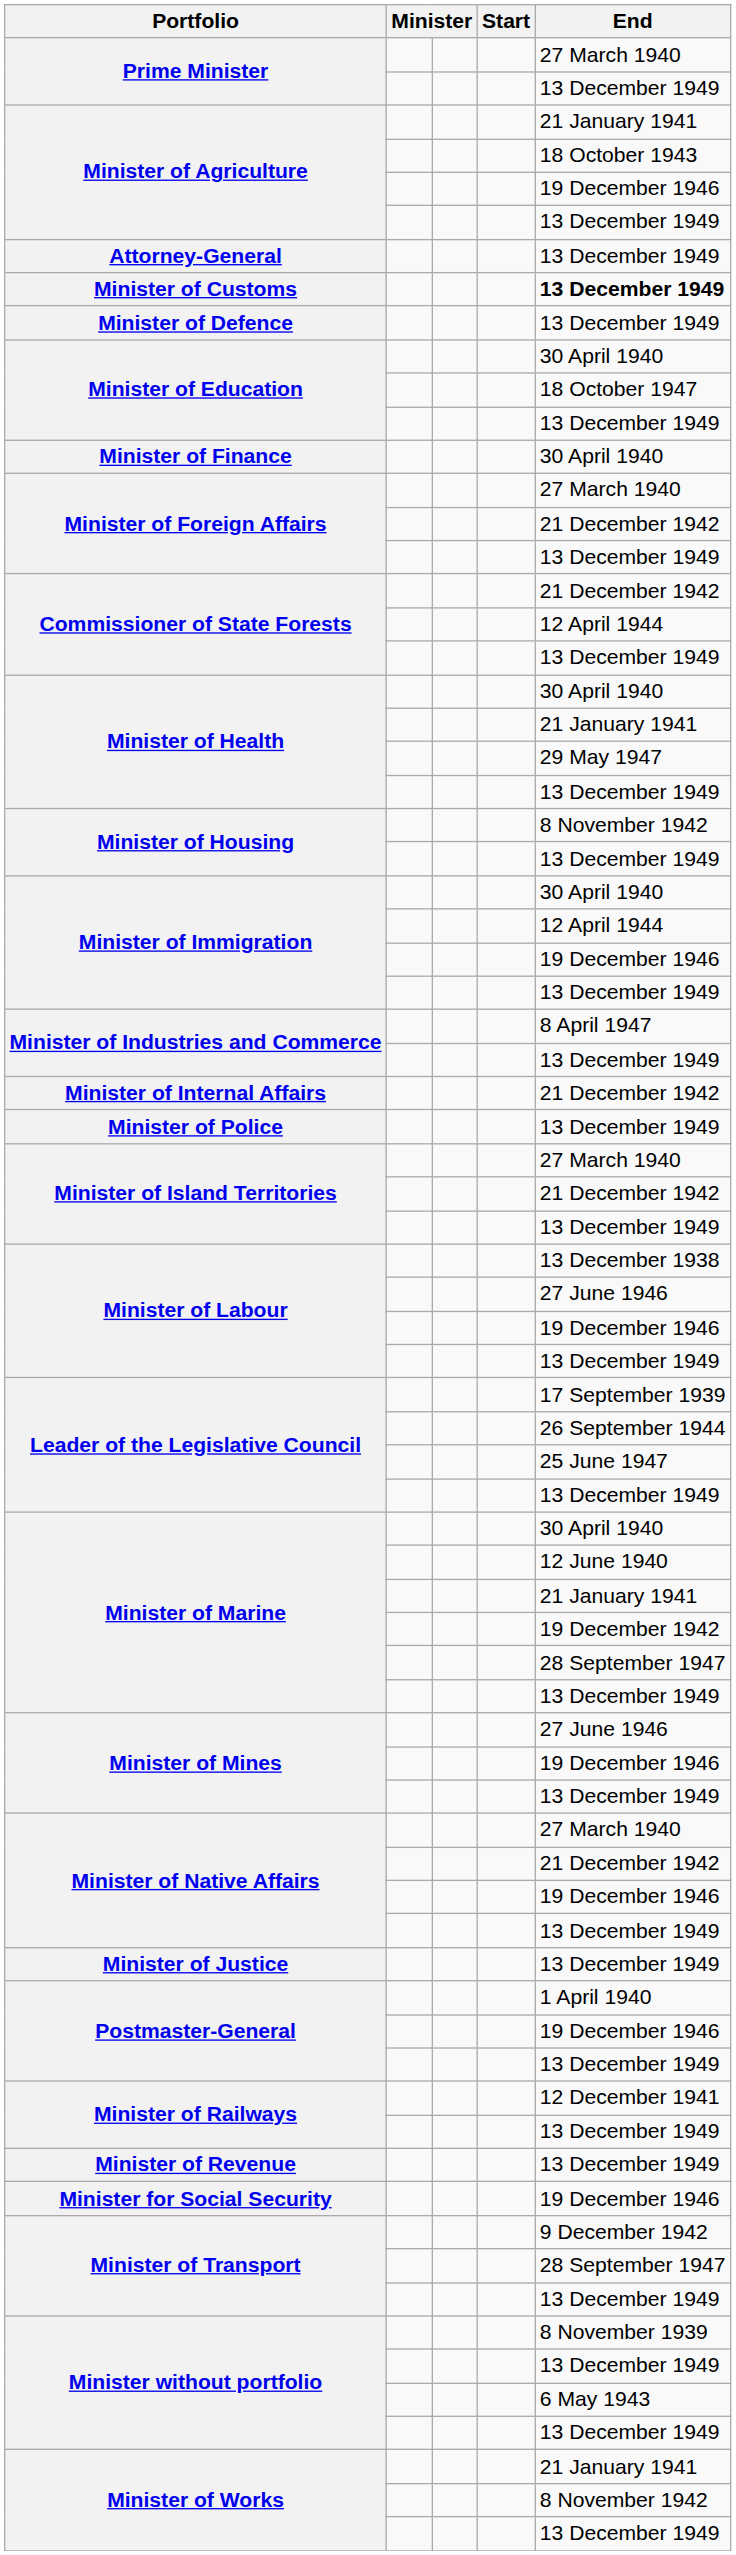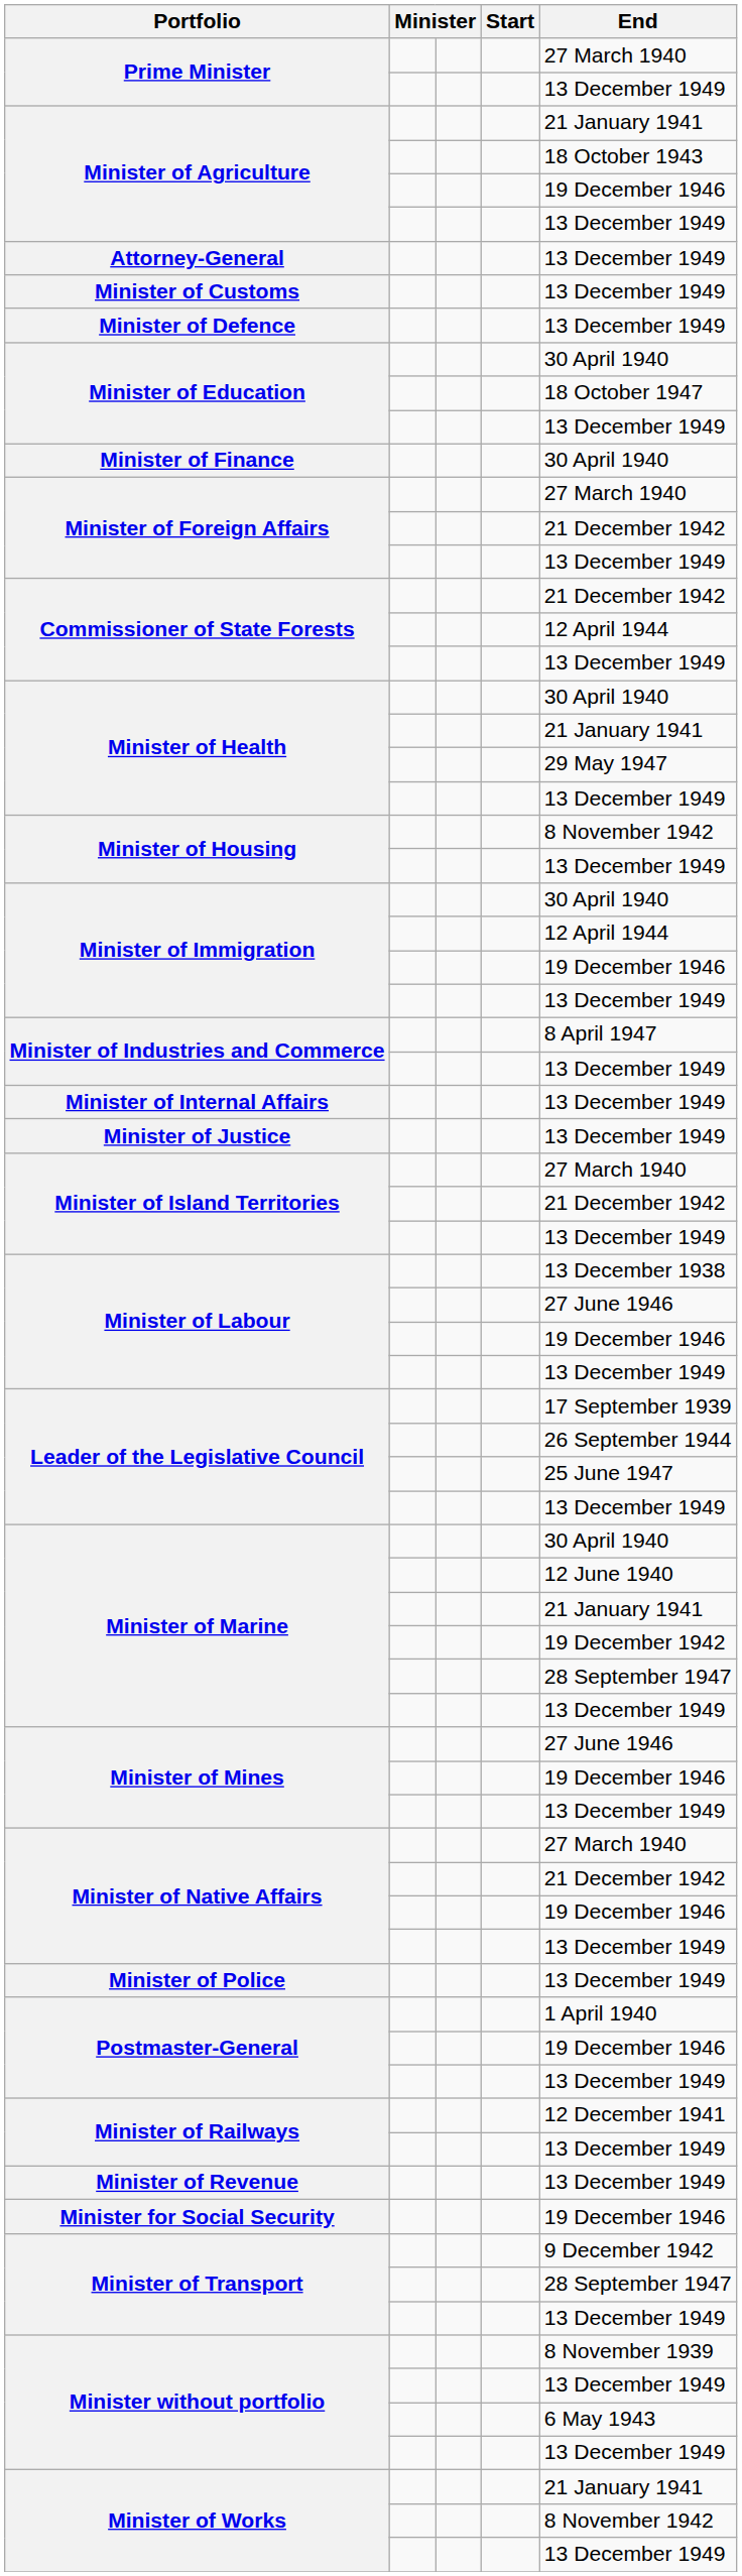 <table class="sortable wikitable">
 <tr>
 <th scope="col">Portfolio</th>
 <th scope="col" colspan="2">Minister</th>
 <th scope="col">Start</th>
 <th scope="col">End</th>
 </tr>
 <tr>
 <th rowspan="2" scope="row"><a href='#'>Prime Minister</a></th>
 <td style="background:"></td>
 <td></td>
 <td></td>
 <td>27 March 1940</td>
 </tr>
 <tr>
 <td style="background:"></td>
 <td></td>
 <td></td>
 <td>13 December 1949</td>
 </tr>
 <tr>
 <th rowspan="4" scope="row"><a href='#'>Minister of Agriculture</a></th>
 <td style="background:"></td>
 <td></td>
 <td></td>
 <td>21 January 1941</td>
 </tr>
 <tr>
 <td style="background:"></td>
 <td></td>
 <td></td>
 <td>18 October 1943</td>
 </tr>
 <tr>
 <td style="background:"></td>
 <td></td>
 <td></td>
 <td>19 December 1946</td>
 </tr>
 <tr>
 <td style="background:"></td>
 <td></td>
 <td></td>
 <td>13 December 1949</td>
 </tr>
 <tr>
 <th scope="row"><a href='#'>Attorney-General</a></th>
 <td style="background:"></td>
 <td></td>
 <td></td>
 <td>13 December 1949</td>
 </tr>
 <tr>
 <th scope="row"><a href='#'>Minister of Customs</a></th>
 <td style="background:"></td>
 <td></td>
 <td></td>
-<td><strong>13 December 1949</strong></td>
+<td>13 December 1949</td>
 </tr>
 <tr>
 <th scope="row"><a href='#'>Minister of Defence</a></th>
 <td style="background:"></td>
 <td></td>
 <td></td>
 <td>13 December 1949</td>
 </tr>
 <tr>
 <th rowspan="3" scope="row"><a href='#'>Minister of Education</a></th>
 <td style="background:"></td>
 <td></td>
 <td></td>
 <td>30 April 1940</td>
 </tr>
 <tr>
 <td style="background:"></td>
 <td></td>
 <td></td>
 <td>18 October 1947</td>
 </tr>
 <tr>
 <td style="background:"></td>
 <td></td>
 <td></td>
 <td>13 December 1949</td>
 </tr>
 <tr>
 <th scope="row"><a href='#'>Minister of Finance</a></th>
 <td style="background:"></td>
 <td></td>
 <td></td>
 <td>30 April 1940</td>
 </tr>
 <tr>
 <th rowspan="3" scope="row"><a href='#'>Minister of Foreign Affairs</a></th>
 <td style="background:"></td>
 <td></td>
 <td></td>
 <td>27 March 1940</td>
 </tr>
 <tr>
 <td style="background:"></td>
 <td></td>
 <td></td>
 <td>21 December 1942</td>
 </tr>
 <tr>
 <td style="background:"></td>
 <td></td>
 <td></td>
 <td>13 December 1949</td>
 </tr>
 <tr>
 <th rowspan="3" scope="row"><a href='#'>Commissioner of State Forests</a></th>
 <td style="background:"></td>
 <td></td>
 <td></td>
 <td>21 December 1942</td>
 </tr>
 <tr>
 <td style="background:"></td>
 <td></td>
 <td></td>
 <td>12 April 1944</td>
 </tr>
 <tr>
 <td style="background:"></td>
 <td></td>
 <td></td>
 <td>13 December 1949</td>
 </tr>
 <tr>
 <th rowspan="4" scope="row"><a href='#'>Minister of Health</a></th>
 <td style="background:"></td>
 <td></td>
 <td></td>
 <td>30 April 1940</td>
 </tr>
 <tr>
 <td style="background:"></td>
 <td></td>
 <td></td>
 <td>21 January 1941</td>
 </tr>
 <tr>
 <td style="background:"></td>
 <td></td>
 <td></td>
 <td>29 May 1947</td>
 </tr>
 <tr>
 <td style="background:"></td>
 <td></td>
 <td></td>
 <td>13 December 1949</td>
 </tr>
 <tr>
 <th rowspan="2" scope="row"><a href='#'>Minister of Housing</a></th>
 <td style="background:"></td>
 <td></td>
 <td></td>
 <td>8 November 1942</td>
 </tr>
 <tr>
 <td style="background:"></td>
 <td></td>
 <td></td>
 <td>13 December 1949</td>
 </tr>
 <tr>
 <th rowspan="4" scope="row"><a href='#'>Minister of Immigration</a></th>
 <td style="background:"></td>
 <td></td>
 <td></td>
 <td>30 April 1940</td>
 </tr>
 <tr>
 <td style="background:"></td>
 <td></td>
 <td></td>
 <td>12 April 1944</td>
 </tr>
 <tr>
 <td style="background:"></td>
 <td></td>
 <td></td>
 <td>19 December 1946</td>
 </tr>
 <tr>
 <td style="background:"></td>
 <td></td>
 <td></td>
 <td>13 December 1949</td>
 </tr>
 <tr>
 <th rowspan="2" scope="row"><a href='#'>Minister of Industries and Commerce</a></th>
 <td style="background:"></td>
 <td></td>
 <td></td>
 <td>8 April 1947</td>
 </tr>
 <tr>
 <td style="background:"></td>
 <td></td>
 <td></td>
 <td>13 December 1949</td>
 </tr>
 <tr>
 <th scope="row"><a href='#'>Minister of Internal Affairs</a></th>
 <td style="background:"></td>
 <td></td>
 <td></td>
-<td>21 December 1942</td>
+<td>13 December 1949</td>
 </tr>
 <tr>
-<th scope="row"><a href='#'>Minister of Police</a></th>
+<th scope="row"><a href='#'>Minister of Justice</a></th>
 <td style="background:"></td>
 <td></td>
 <td></td>
 <td>13 December 1949</td>
 </tr>
 <tr>
 <th rowspan="3" scope="row"><a href='#'>Minister of Island Territories</a></th>
 <td style="background:"></td>
 <td></td>
 <td></td>
 <td>27 March 1940</td>
 </tr>
 <tr>
 <td style="background:"></td>
 <td></td>
 <td></td>
 <td>21 December 1942</td>
 </tr>
 <tr>
 <td style="background:"></td>
 <td></td>
 <td></td>
 <td>13 December 1949</td>
 </tr>
 <tr>
 <th rowspan="4" scope="row"><a href='#'>Minister of Labour</a></th>
 <td style="background:"></td>
 <td></td>
 <td></td>
 <td>13 December 1938</td>
 </tr>
 <tr>
 <td style="background:"></td>
 <td></td>
 <td></td>
 <td>27 June 1946</td>
 </tr>
 <tr>
 <td style="background:"></td>
 <td></td>
 <td></td>
 <td>19 December 1946</td>
 </tr>
 <tr>
 <td style="background:"></td>
 <td></td>
 <td></td>
 <td>13 December 1949</td>
 </tr>
 <tr>
 <th rowspan="4" scope="row"><a href='#'>Leader of the Legislative Council</a></th>
 <td style="background:"></td>
 <td></td>
 <td></td>
 <td>17 September 1939</td>
 </tr>
 <tr>
 <td style="background:"></td>
 <td></td>
 <td></td>
 <td>26 September 1944</td>
 </tr>
 <tr>
 <td style="background:"></td>
 <td></td>
 <td></td>
 <td>25 June 1947</td>
 </tr>
 <tr>
 <td style="background:"></td>
 <td></td>
 <td></td>
 <td>13 December 1949</td>
 </tr>
 <tr>
 <th rowspan="6" scope="row"><a href='#'>Minister of Marine</a></th>
 <td style="background:"></td>
 <td></td>
 <td></td>
 <td>30 April 1940</td>
 </tr>
 <tr>
 <td style="background:"></td>
 <td></td>
 <td></td>
 <td>12 June 1940</td>
 </tr>
 <tr>
 <td style="background:"></td>
 <td></td>
 <td></td>
 <td>21 January 1941</td>
 </tr>
 <tr>
 <td style="background:"></td>
 <td></td>
 <td></td>
 <td>19 December 1942</td>
 </tr>
 <tr>
 <td style="background:"></td>
 <td></td>
 <td></td>
 <td>28 September 1947</td>
 </tr>
 <tr>
 <td style="background:"></td>
 <td></td>
 <td></td>
 <td>13 December 1949</td>
 </tr>
 <tr>
 <th rowspan="3" scope="row"><a href='#'>Minister of Mines</a></th>
 <td style="background:"></td>
 <td></td>
 <td></td>
 <td>27 June 1946</td>
 </tr>
 <tr>
 <td style="background:"></td>
 <td></td>
 <td></td>
 <td>19 December 1946</td>
 </tr>
 <tr>
 <td style="background:"></td>
 <td></td>
 <td></td>
 <td>13 December 1949</td>
 </tr>
 <tr>
 <th rowspan="4" scope="row"><a href='#'>Minister of Native Affairs</a></th>
 <td style="background:"></td>
 <td></td>
 <td></td>
 <td>27 March 1940</td>
 </tr>
 <tr>
 <td style="background:"></td>
 <td></td>
 <td></td>
 <td>21 December 1942</td>
 </tr>
 <tr>
 <td style="background:"></td>
 <td></td>
 <td></td>
 <td>19 December 1946</td>
 </tr>
 <tr>
 <td style="background:"></td>
 <td></td>
 <td></td>
 <td>13 December 1949</td>
 </tr>
 <tr>
-<th scope="row"><a href='#'>Minister of Justice</a></th>
+<th scope="row"><a href='#'>Minister of Police</a></th>
 <td style="background:"></td>
 <td></td>
 <td></td>
 <td>13 December 1949</td>
 </tr>
 <tr>
 <th rowspan="3" scope="row"><a href='#'>Postmaster-General</a></th>
 <td style="background:"></td>
 <td></td>
 <td></td>
 <td>1 April 1940</td>
 </tr>
 <tr>
 <td style="background:"></td>
 <td></td>
 <td></td>
 <td>19 December 1946</td>
 </tr>
 <tr>
 <td style="background:"></td>
 <td></td>
 <td></td>
 <td>13 December 1949</td>
 </tr>
 <tr>
 <th rowspan="2" scope="row"><a href='#'>Minister of Railways</a></th>
 <td style="background:"></td>
 <td></td>
 <td></td>
 <td>12 December 1941</td>
 </tr>
 <tr>
 <td style="background:"></td>
 <td></td>
 <td></td>
 <td>13 December 1949</td>
 </tr>
 <tr>
 <th scope="row"><a href='#'>Minister of Revenue</a></th>
 <td style="background:"></td>
 <td></td>
 <td></td>
 <td>13 December 1949</td>
 </tr>
 <tr>
 <th scope="row"><a href='#'>Minister for Social Security</a></th>
 <td style="background:"></td>
 <td></td>
 <td></td>
 <td>19 December 1946</td>
 </tr>
 <tr>
 <th rowspan="3" scope="row"><a href='#'>Minister of Transport</a></th>
 <td style="background:"></td>
 <td></td>
 <td></td>
 <td>9 December 1942</td>
 </tr>
 <tr>
 <td style="background:"></td>
 <td></td>
 <td></td>
 <td>28 September 1947</td>
 </tr>
 <tr>
 <td style="background:"></td>
 <td></td>
 <td></td>
 <td>13 December 1949</td>
 </tr>
 <tr>
 <th rowspan="4" scope="row"><a href='#'>Minister without portfolio</a></th>
 <td style="background:"></td>
 <td></td>
 <td></td>
 <td>8 November 1939</td>
 </tr>
 <tr>
 <td style="background:"></td>
 <td></td>
 <td></td>
 <td>13 December 1949</td>
 </tr>
 <tr>
 <td style="background:"></td>
 <td></td>
 <td></td>
 <td>6 May 1943</td>
 </tr>
 <tr>
 <td style="background:"></td>
 <td></td>
 <td></td>
 <td>13 December 1949</td>
 </tr>
 <tr>
 <th rowspan="3" scope="row"><a href='#'>Minister of Works</a></th>
 <td style="background:"></td>
 <td></td>
 <td></td>
 <td>21 January 1941</td>
 </tr>
 <tr>
 <td style="background:"></td>
 <td></td>
 <td></td>
 <td>8 November 1942</td>
 </tr>
 <tr>
 <td style="background:"></td>
 <td></td>
 <td></td>
 <td>13 December 1949</td>
 </tr>
 </table>
